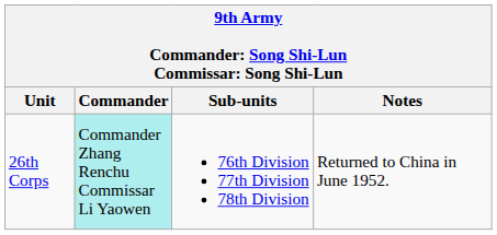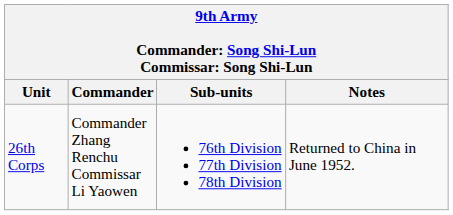 <table class="wikitable" style="width: 75%">
 <tr>
 <th colspan="4" align= center> <a href='#'>9th Army</a><br><br>Commander: <a href='#'>Song Shi-Lun</a><br> Commissar: Song Shi-Lun</th>
 </tr>
 <tr>
 <th width=15%; align= center>Unit</th>
 <th width=15%; align= center>Commander</th>
 <th width=30%; align= center>Sub-units</th>
 <th width=40%; align= center>Notes</th>
 </tr>
 <tr>
 <td><a href='#'>26th Corps</a></td>
-<td style="background: paleturquoise;">Commander Zhang Renchu<br>Commissar Li Yaowen</td>
+<td>Commander Zhang Renchu<br>Commissar Li Yaowen</td>
 <td><br><ul><li><a href='#'>76th Division</a></li><li><a href='#'>77th Division</a></li><li><a href='#'>78th Division</a></li></ul></td>
 <td>Returned to China in June 1952.</td>
 </tr>
 </table>
